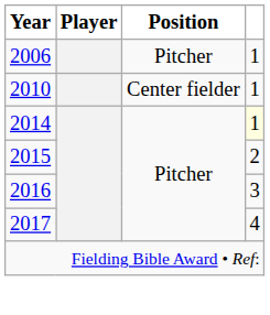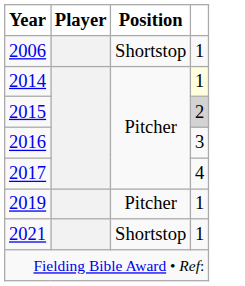 <table class="wikitable sortable plainrowheaders" style="font-size: 90%; style="text-align:center">
 <tr>
 <th scope="col" style="background-color:#ffffff; border-top:#">Year</th>
 <th scope="col" style="background-color:#ffffff; border-top:#">Player</th>
 <th scope="col" style="background-color:#ffffff; border-top:#">Position</th>
 <th scope="col" style="background-color:#ffffff; border-top:#"></th>
 </tr>
 <tr>
 <td style="text-align:center"><a href='#'>2006</a></td>
 <th scope="row" style="text-align:left"><strong></strong></th>
-<td style="text-align:center">Pitcher</td>
-<td style="text-align:center">1</td>
-</tr>
-<tr>
-<td style="text-align:center"><a href='#'>2010</a></td>
-<th scope="row" style="text-align:left"><strong></strong></th>
-<td style="text-align:center">Center fielder</td>
+<td style="text-align:center">Shortstop</td>
 <td style="text-align:center">1</td>
 </tr>
 <tr>
 <td style="text-align:center"><a href='#'>2014</a></td>
 <th scope="row" rowspan="4" style="text-align:left"><strong></strong></th>
 <td rowspan="4" style="text-align:center">Pitcher</td>
 <td style="background: lightyellow; text-align:center">1</td>
 </tr>
 <tr>
 <td style="text-align:center"><a href='#'>2015</a></td>
-<td style="text-align:center">2</td>
+<td style="background: lightgrey; text-align:center">2</td>
 </tr>
 <tr>
 <td style="text-align:center"><a href='#'>2016</a></td>
 <td style="text-align:center">3</td>
 </tr>
 <tr>
 <td style="text-align:center"><a href='#'>2017</a></td>
 <td style="text-align:center">4</td>
 </tr>
+<tr>
+<td style="text-align:center"><a href='#'>2019</a></td>
+<th scope="row" style="text-align:left"><strong></strong></th>
+<td style="text-align:center">Pitcher</td>
+<td style="text-align:center">1</td>
+</tr>
+<tr>
+<td style="text-align:center"><a href='#'>2021</a></td>
+<th scope="row" style="text-align:left"><strong></strong></th>
+<td style="text-align:center">Shortstop</td>
+<td style="text-align:center">1</td>
+</tr>
 <tr class="sortbottom">
 <td style="text-align:right"; colspan="4"><small><a href='#'>Fielding Bible Award</a> • <em>Ref</em>:</small></td>
 </tr>
 </table>
